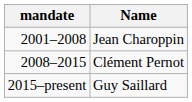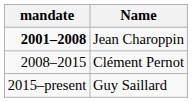 <table class="wikitable">
 <tr style="background: #ddffdd">
 <th>mandate</th>
 <th>Name</th>
 </tr>
 <tr>
-<td align=right>2001–2008</td>
+<td align=right><strong>2001–2008</strong></td>
 <td>Jean Charoppin</td>
 </tr>
 <tr>
 <td align=right>2008–2015</td>
 <td>Clément Pernot</td>
 </tr>
 <tr>
 <td align=right>2015–present</td>
 <td>Guy Saillard</td>
 </tr>
 </table>
